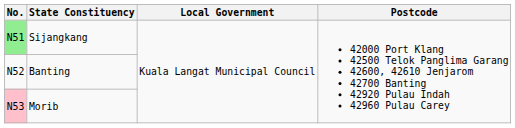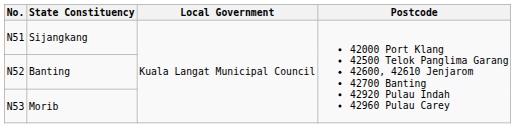 <table class="wikitable">
 <tr>
 <th>No.</th>
 <th>State Constituency</th>
 <th>Local Government</th>
 <th>Postcode</th>
 </tr>
 <tr>
-<td style="background: lightgreen;">N51</td>
+<td>N51</td>
 <td>Sijangkang</td>
 <td rowspan="3">Kuala Langat Municipal Council</td>
 <td rowspan="3"><br><ul><li>42000 Port Klang</li><li>42500 Telok Panglima Garang</li><li>42600, 42610 Jenjarom</li><li>42700 Banting</li><li>42920 Pulau Indah</li><li>42960 Pulau Carey</li></ul></td>
 </tr>
 <tr>
 <td>N52</td>
 <td>Banting</td>
 </tr>
 <tr>
-<td style="background: pink;">N53</td>
+<td>N53</td>
 <td>Morib</td>
 </tr>
 </table>
